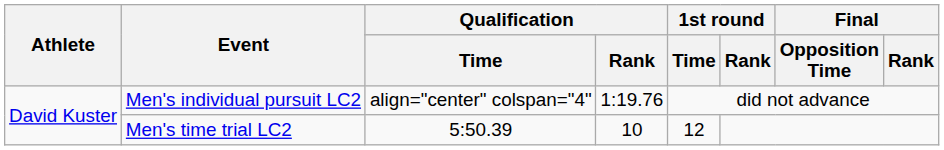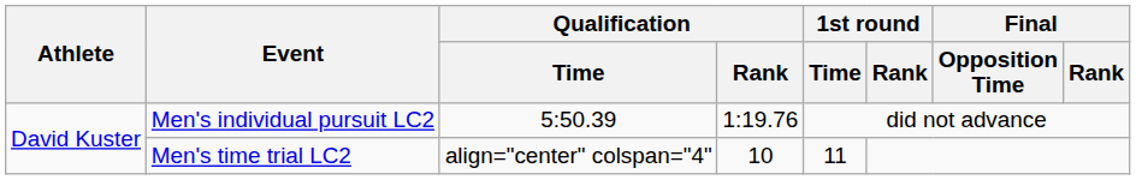 <table class=wikitable style="font-size:90%">
 <tr>
 <th rowspan="2">Athlete</th>
 <th rowspan="2">Event</th>
 <th colspan="2">Qualification</th>
 <th colspan="2">1st round</th>
 <th colspan="2">Final</th>
 </tr>
 <tr>
 <th>Time</th>
 <th>Rank</th>
 <th>Time</th>
 <th>Rank</th>
 <th>Opposition<br>Time</th>
 <th>Rank</th>
 </tr>
 <tr>
 <td rowspan="2"><a href='#'>David Kuster</a></td>
 <td><a href='#'>Men's individual pursuit LC2</a></td>
-<td>align="center" colspan="4" </td>
+<td align="center">5:50.39</td>
 <td align="center">1:19.76</td>
 <td align="center" colspan="4">did not advance</td>
 </tr>
 <tr>
 <td><a href='#'>Men's time trial LC2</a></td>
-<td align="center">5:50.39</td>
+<td>align="center" colspan="4" </td>
 <td align="center">10</td>
-<td align="center">12</td>
+<td align="center">11</td>
 </tr>
 </table>
